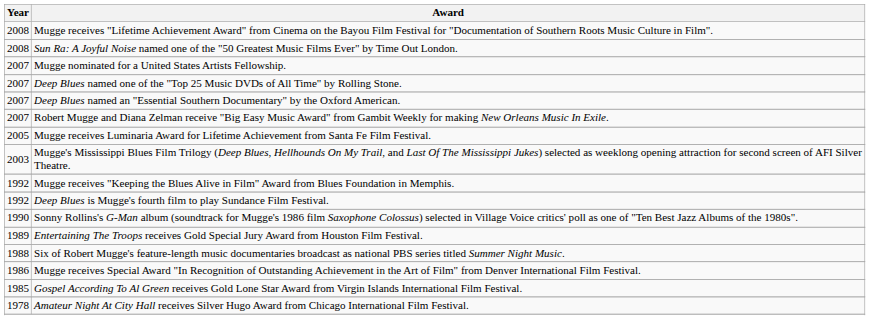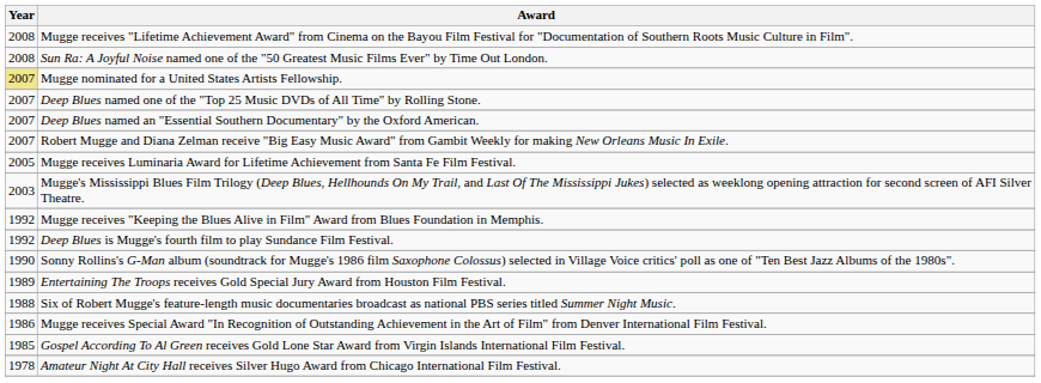 <table class="wikitable">
 <tr>
 <th>Year</th>
 <th>Award</th>
 </tr>
 <tr>
 <td>2008</td>
 <td>Mugge receives "Lifetime Achievement Award" from Cinema on the Bayou Film Festival for "Documentation of Southern Roots Music Culture in Film".</td>
 </tr>
 <tr>
 </tr>
 <tr>
 <td>2008</td>
 <td><em>Sun Ra: A Joyful Noise</em> named one of the "50 Greatest Music Films Ever" by Time Out London.</td>
 </tr>
 <tr>
 </tr>
 <tr>
-<td>2007</td>
+<td style="background: khaki;">2007</td>
 <td>Mugge nominated for a United States Artists Fellowship.</td>
 </tr>
 <tr>
 </tr>
 <tr>
 <td>2007</td>
 <td><em>Deep Blues</em> named one of the "Top 25 Music DVDs of All Time" by Rolling Stone.</td>
 </tr>
 <tr>
 </tr>
 <tr>
 <td>2007</td>
 <td><em>Deep Blues</em> named an "Essential Southern Documentary" by the Oxford American.</td>
 </tr>
 <tr>
 </tr>
 <tr>
 <td>2007</td>
 <td>Robert Mugge and Diana Zelman receive "Big Easy Music Award" from Gambit Weekly for making <em>New Orleans Music In Exile</em>.</td>
 </tr>
 <tr>
 </tr>
 <tr>
 <td>2005</td>
 <td>Mugge receives Luminaria Award for Lifetime Achievement from Santa Fe Film Festival.</td>
 </tr>
 <tr>
 </tr>
 <tr>
 <td>2003</td>
 <td>Mugge's Mississippi Blues Film Trilogy (<em>Deep Blues</em>, <em>Hellhounds On My Trail</em>, and <em>Last Of The Mississippi Jukes</em>) selected as weeklong opening attraction for second screen of AFI Silver Theatre.</td>
 </tr>
 <tr>
 </tr>
 <tr>
 <td>1992</td>
 <td>Mugge receives "Keeping the Blues Alive in Film" Award from Blues Foundation in Memphis.</td>
 </tr>
 <tr>
 </tr>
 <tr>
 <td>1992</td>
 <td><em>Deep Blues</em> is Mugge's fourth film to play Sundance Film Festival.</td>
 </tr>
 <tr>
 </tr>
 <tr>
 <td>1990</td>
 <td>Sonny Rollins's <em>G-Man</em> album (soundtrack for Mugge's 1986 film <em>Saxophone Colossus</em>) selected in Village Voice critics' poll as one of "Ten Best Jazz Albums of the 1980s".</td>
 </tr>
 <tr>
 </tr>
 <tr>
 <td>1989</td>
 <td><em>Entertaining The Troops</em> receives Gold Special Jury Award from Houston Film Festival.</td>
 </tr>
 <tr>
 </tr>
 <tr>
 <td>1988</td>
 <td>Six of Robert Mugge's feature-length music documentaries broadcast as national PBS series titled <em>Summer Night Music</em>.</td>
 </tr>
 <tr>
 </tr>
 <tr>
 <td>1986</td>
 <td>Mugge receives Special Award "In Recognition of Outstanding Achievement in the Art of Film" from Denver International Film Festival.</td>
 </tr>
 <tr>
 </tr>
 <tr>
 <td>1985</td>
 <td><em>Gospel According To Al Green</em> receives Gold Lone Star Award from Virgin Islands International Film Festival.</td>
 </tr>
 <tr>
 </tr>
 <tr>
 <td>1978</td>
 <td><em>Amateur Night At City Hall</em> receives Silver Hugo Award from Chicago International Film Festival.</td>
 </tr>
 <tr>
 </tr>
 <tr>
 </tr>
 </table>
